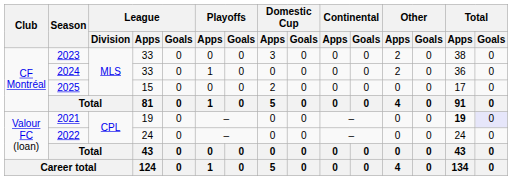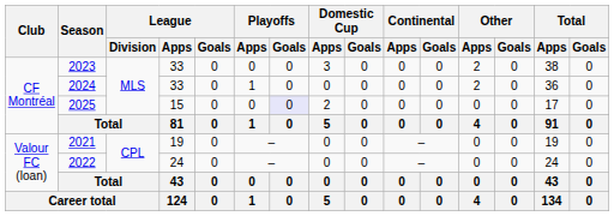 <table class="wikitable" style="text-align: center">
 <tr>
 <th rowspan="2">Club</th>
 <th rowspan="2">Season</th>
 <th colspan="3">League</th>
 <th colspan="2">Playoffs</th>
 <th colspan="2">Domestic Cup</th>
 <th colspan="2">Continental</th>
 <th colspan="2">Other</th>
 <th colspan="2">Total</th>
 </tr>
 <tr>
 <th>Division</th>
 <th>Apps</th>
 <th>Goals</th>
 <th>Apps</th>
 <th>Goals</th>
 <th>Apps</th>
 <th>Goals</th>
 <th>Apps</th>
 <th>Goals</th>
 <th>Apps</th>
 <th>Goals</th>
 <th>Apps</th>
 <th>Goals</th>
 </tr>
 <tr>
 <td rowspan="4"><a href='#'>CF Montréal</a></td>
 <td><a href='#'>2023</a></td>
 <td rowspan="3"><a href='#'>MLS</a></td>
 <td>33</td>
 <td>0</td>
 <td>0</td>
 <td>0</td>
 <td>3</td>
 <td>0</td>
 <td>0</td>
 <td>0</td>
 <td>2</td>
 <td>0</td>
 <td>38</td>
 <td>0</td>
 </tr>
 <tr>
 <td><a href='#'>2024</a></td>
 <td>33</td>
 <td>0</td>
 <td>1</td>
 <td>0</td>
 <td>0</td>
 <td>0</td>
 <td>0</td>
 <td>0</td>
 <td>2</td>
 <td>0</td>
 <td>36</td>
 <td>0</td>
 </tr>
 <tr>
 <td><a href='#'>2025</a></td>
 <td>15</td>
 <td>0</td>
 <td>0</td>
-<td>0</td>
+<td style="background: lavender;">0</td>
 <td>2</td>
 <td>0</td>
 <td>0</td>
 <td>0</td>
 <td>0</td>
 <td>0</td>
 <td>17</td>
 <td>0</td>
 </tr>
 <tr>
 <th colspan="2"><strong>Total</strong></th>
 <th>81</th>
 <th>0</th>
 <th>1</th>
 <th>0</th>
 <th>5</th>
 <th>0</th>
 <th>0</th>
 <th>0</th>
 <th>4</th>
 <th>0</th>
 <th>91</th>
 <th>0</th>
 </tr>
 <tr>
 <td rowspan=3><a href='#'>Valour FC</a> (loan)</td>
 <td><a href='#'>2021</a></td>
 <td rowspan=2><a href='#'>CPL</a></td>
 <td>19</td>
 <td>0</td>
 <td colspan="2">–</td>
 <td>0</td>
 <td>0</td>
 <td colspan="2">–</td>
 <td>0</td>
 <td>0</td>
-<td><strong>19</strong></td>
-<td style="background: lavender;">0</td>
+<td>19</td>
+<td>0</td>
 </tr>
 <tr>
 <td><a href='#'>2022</a></td>
 <td>24</td>
 <td>0</td>
 <td colspan="2">–</td>
 <td>0</td>
 <td>0</td>
 <td colspan="2">–</td>
 <td>0</td>
 <td>0</td>
 <td>24</td>
 <td>0</td>
 </tr>
 <tr>
 <th colspan="2"><strong>Total</strong></th>
 <th>43</th>
 <th>0</th>
 <th>0</th>
 <th>0</th>
 <th>0</th>
 <th>0</th>
 <th>0</th>
 <th>0</th>
 <th>0</th>
 <th>0</th>
 <th>43</th>
 <th>0</th>
 </tr>
 <tr>
 <th colspan="3"><strong>Career total</strong></th>
 <th>124</th>
 <th>0</th>
 <th>1</th>
 <th>0</th>
 <th>5</th>
 <th>0</th>
 <th>0</th>
 <th>0</th>
 <th>4</th>
 <th>0</th>
 <th>134</th>
 <th>0</th>
 </tr>
 </table>
